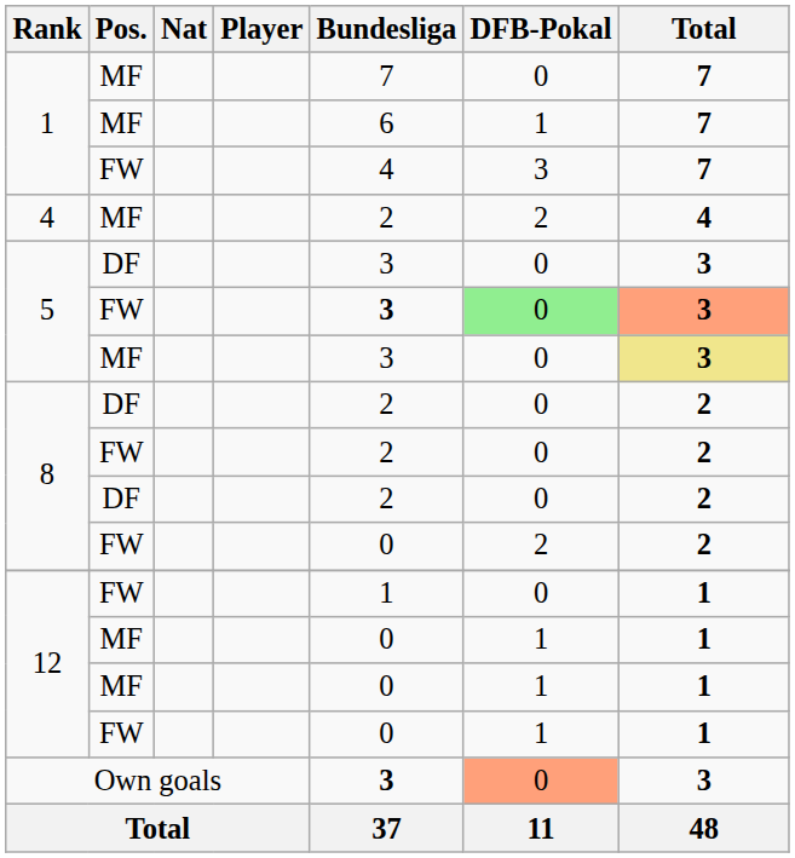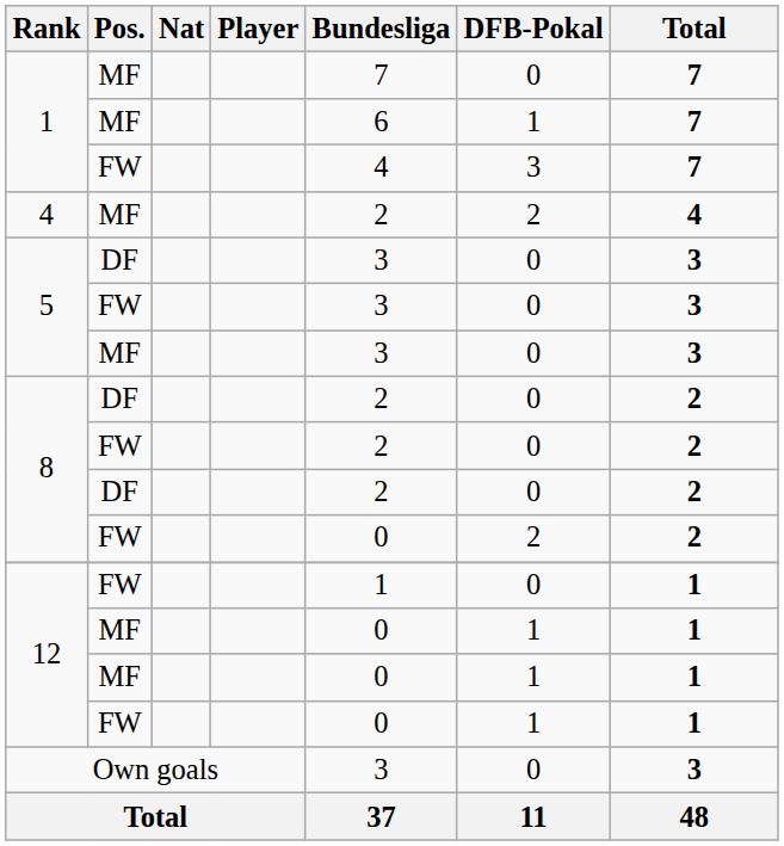 <table class="wikitable sortable" style="text-align:center;">
 <tr>
 <th>Rank</th>
 <th>Pos.</th>
 <th>Nat</th>
 <th>Player</th>
 <th>Bundesliga</th>
 <th>DFB-Pokal</th>
 <th style="width:85px">Total</th>
 </tr>
 <tr>
 <td rowspan="3">1</td>
 <td>MF</td>
 <td></td>
 <td align="left"></td>
 <td>7</td>
 <td>0</td>
 <td><strong>7</strong></td>
 </tr>
 <tr>
 <td>MF</td>
 <td></td>
 <td align="left"></td>
 <td>6</td>
 <td>1</td>
 <td><strong>7</strong></td>
 </tr>
 <tr>
 <td>FW</td>
 <td></td>
 <td align="left"></td>
 <td>4</td>
 <td>3</td>
 <td><strong>7</strong></td>
 </tr>
 <tr>
 <td>4</td>
 <td>MF</td>
 <td></td>
 <td align="left"></td>
 <td>2</td>
 <td>2</td>
 <td><strong>4</strong></td>
 </tr>
 <tr>
 <td rowspan="3">5</td>
 <td>DF</td>
 <td></td>
 <td align="left"></td>
 <td>3</td>
 <td>0</td>
 <td><strong>3</strong></td>
 </tr>
 <tr>
 <td>FW</td>
 <td></td>
 <td align="left"></td>
+<td>3</td>
+<td>0</td>
 <td><strong>3</strong></td>
-<td style="background: lightgreen;">0</td>
-<td style="background: lightsalmon;"><strong>3</strong></td>
 </tr>
 <tr>
 <td>MF</td>
 <td></td>
 <td align="left"></td>
 <td>3</td>
 <td>0</td>
-<td style="background: khaki;"><strong>3</strong></td>
+<td><strong>3</strong></td>
 </tr>
 <tr>
 <td rowspan="4">8</td>
 <td>DF</td>
 <td></td>
 <td align="left"></td>
 <td>2</td>
 <td>0</td>
 <td><strong>2</strong></td>
 </tr>
 <tr>
 <td>FW</td>
 <td></td>
 <td align="left"></td>
 <td>2</td>
 <td>0</td>
 <td><strong>2</strong></td>
 </tr>
 <tr>
 <td>DF</td>
 <td></td>
 <td align="left"></td>
 <td>2</td>
 <td>0</td>
 <td><strong>2</strong></td>
 </tr>
 <tr>
 <td>FW</td>
 <td></td>
 <td align="left"></td>
 <td>0</td>
 <td>2</td>
 <td><strong>2</strong></td>
 </tr>
 <tr>
 </tr>
 <tr>
 <td rowspan="4">12</td>
 <td>FW</td>
 <td></td>
 <td align="left"></td>
 <td>1</td>
 <td>0</td>
 <td><strong>1</strong></td>
 </tr>
 <tr>
 <td>MF</td>
 <td></td>
 <td align="left"></td>
 <td>0</td>
 <td>1</td>
 <td><strong>1</strong></td>
 </tr>
 <tr>
 <td>MF</td>
 <td></td>
 <td align="left"></td>
 <td>0</td>
 <td>1</td>
 <td><strong>1</strong></td>
 </tr>
 <tr>
 <td>FW</td>
 <td></td>
 <td align="left"></td>
 <td>0</td>
 <td>1</td>
 <td><strong>1</strong></td>
 </tr>
 <tr class="sortbottom">
 <td colspan="4">Own goals</td>
-<td><strong>3</strong></td>
-<td style="background: lightsalmon;">0</td>
+<td>3</td>
+<td>0</td>
 <td><strong>3</strong></td>
 </tr>
 <tr>
 <th colspan="4">Total</th>
 <th>37</th>
 <th>11</th>
 <th>48</th>
 </tr>
 </table>
